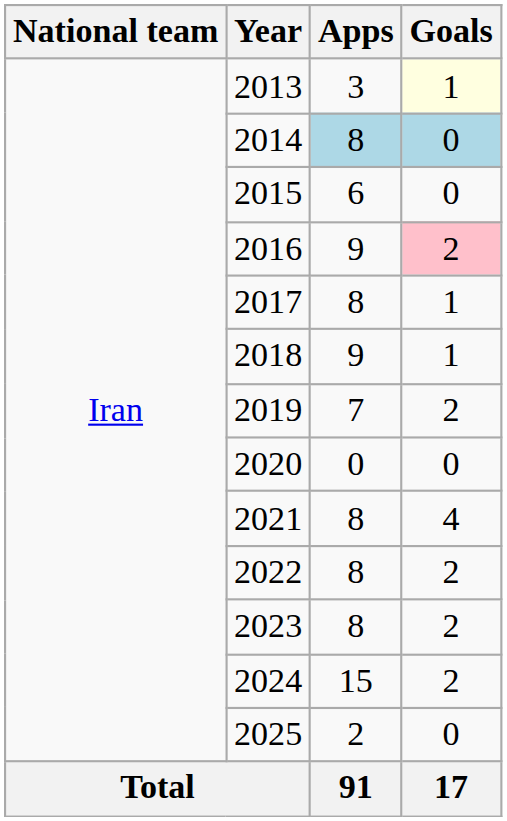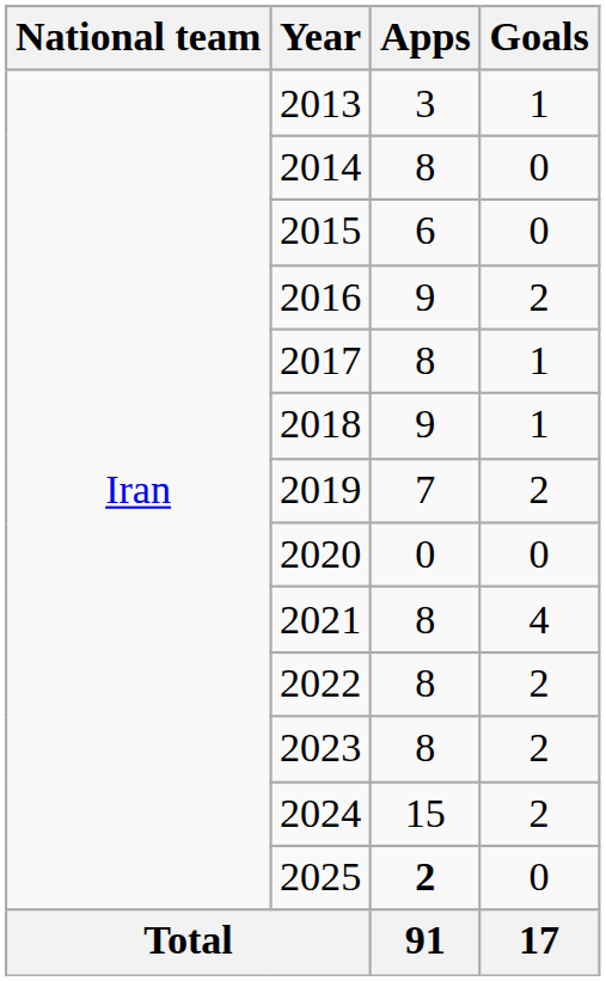 <table class="wikitable" style="text-align:center">
 <tr>
 <th>National team</th>
 <th>Year</th>
 <th>Apps</th>
 <th>Goals</th>
 </tr>
 <tr>
 <td rowspan="13"><a href='#'>Iran</a></td>
 <td>2013</td>
 <td>3</td>
-<td style="background: lightyellow;">1</td>
+<td>1</td>
 </tr>
 <tr>
 <td>2014</td>
-<td style="background: lightblue;">8</td>
-<td style="background: lightblue;">0</td>
+<td>8</td>
+<td>0</td>
 </tr>
 <tr>
 <td>2015</td>
 <td>6</td>
 <td>0</td>
 </tr>
 <tr>
 <td>2016</td>
 <td>9</td>
-<td style="background: pink;">2</td>
+<td>2</td>
 </tr>
 <tr>
 <td>2017</td>
 <td>8</td>
 <td>1</td>
 </tr>
 <tr>
 <td>2018</td>
 <td>9</td>
 <td>1</td>
 </tr>
 <tr>
 <td>2019</td>
 <td>7</td>
 <td>2</td>
 </tr>
 <tr>
 <td>2020</td>
 <td>0</td>
 <td>0</td>
 </tr>
 <tr>
 <td>2021</td>
 <td>8</td>
 <td>4</td>
 </tr>
 <tr>
 <td>2022</td>
 <td>8</td>
 <td>2</td>
 </tr>
 <tr>
 <td>2023</td>
 <td>8</td>
 <td>2</td>
 </tr>
 <tr>
 <td>2024</td>
 <td>15</td>
 <td>2</td>
 </tr>
 <tr>
 <td>2025</td>
-<td>2</td>
+<td><strong>2</strong></td>
 <td>0</td>
 </tr>
 <tr>
 <th colspan="2">Total</th>
 <th>91</th>
 <th>17</th>
 </tr>
 </table>
